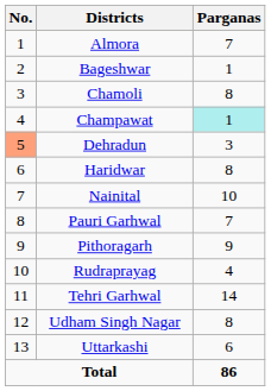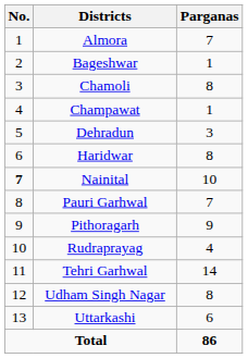 <table class="wikitable sortable" style="text-align:center">
 <tr style="background:#ffffdd; color:#000;">
 <th>No.</th>
 <th align=Centre width=150px>Districts</th>
 <th>Parganas</th>
 </tr>
 <tr valign=top>
 <td>1</td>
 <td><a href='#'>Almora</a></td>
 <td>7</td>
 </tr>
 <tr valign=top>
 <td>2</td>
 <td><a href='#'>Bageshwar</a></td>
 <td>1</td>
 </tr>
 <tr valign=top>
 <td>3</td>
 <td><a href='#'>Chamoli</a></td>
 <td>8</td>
 </tr>
 <tr valign=top>
 <td>4</td>
 <td><a href='#'>Champawat</a></td>
-<td style="background: paleturquoise;">1</td>
+<td>1</td>
 </tr>
 <tr valign=top>
-<td style="background: lightsalmon;">5</td>
+<td>5</td>
 <td><a href='#'>Dehradun</a></td>
 <td>3</td>
 </tr>
 <tr valign=top>
 <td>6</td>
 <td><a href='#'>Haridwar</a></td>
 <td>8</td>
 </tr>
 <tr valign=top>
-<td>7</td>
+<td><strong>7</strong></td>
 <td><a href='#'>Nainital</a></td>
 <td>10</td>
 </tr>
 <tr valign=top>
 <td>8</td>
 <td><a href='#'>Pauri Garhwal</a></td>
 <td>7</td>
 </tr>
 <tr valign=top>
 <td>9</td>
 <td><a href='#'>Pithoragarh</a></td>
 <td>9</td>
 </tr>
 <tr valign=top>
 <td>10</td>
 <td><a href='#'>Rudraprayag</a></td>
 <td>4</td>
 </tr>
 <tr valign=top>
 <td>11</td>
 <td><a href='#'>Tehri Garhwal</a></td>
 <td>14</td>
 </tr>
 <tr valign=top>
 <td>12</td>
 <td><a href='#'>Udham Singh Nagar</a></td>
 <td>8</td>
 </tr>
 <tr valign=top>
 <td>13</td>
 <td><a href='#'>Uttarkashi</a></td>
 <td>6</td>
 </tr>
 <tr>
 <td colspan="2"><strong>Total</strong></td>
 <td><strong>86</strong></td>
 </tr>
 </table>
